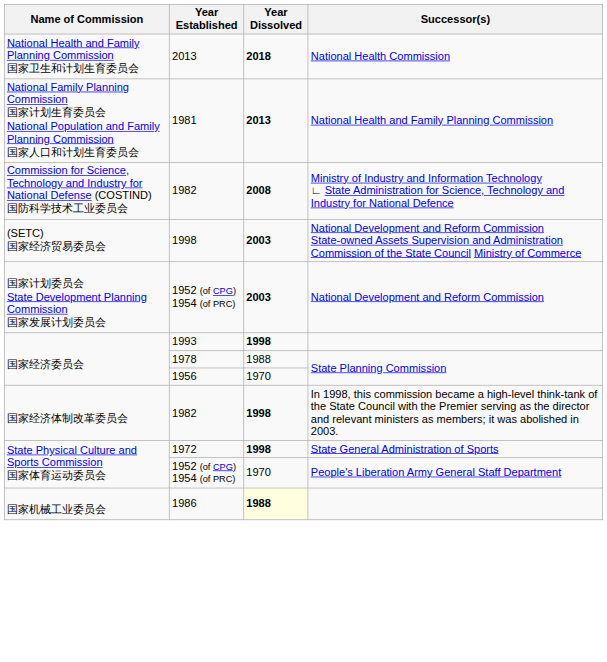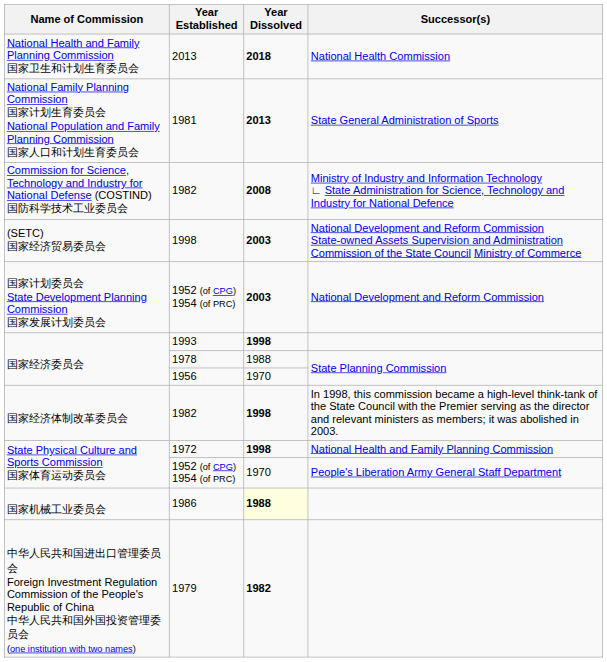 <table class="wikitable sortable">
 <tr>
 <th>Name of Commission</th>
 <th>Year Established</th>
 <th>Year Dissolved</th>
 <th>Successor(s)</th>
 </tr>
 <tr>
 <td><a href='#'>National Health and Family Planning Commission</a><br>国家卫生和计划生育委员会</td>
 <td>2013</td>
 <td><strong>2018</strong></td>
 <td><a href='#'>National Health Commission</a></td>
 </tr>
 <tr>
 <td><a href='#'>National Family Planning Commission</a><br>国家计划生育委员会<br><a href='#'>National Population and Family Planning Commission</a><br> 国家人口和计划生育委员会</td>
 <td>1981</td>
 <td><strong>2013</strong></td>
-<td><a href='#'>National Health and Family Planning Commission</a></td>
+<td><a href='#'>State General Administration of Sports</a></td>
 </tr>
 <tr>
 <td><a href='#'>Commission for Science, Technology and Industry for National Defense</a> (COSTIND)<br>国防科学技术工业委员会</td>
 <td>1982</td>
 <td><strong>2008</strong></td>
 <td><a href='#'>Ministry of Industry and Information Technology</a><br>∟ <a href='#'>State Administration for Science, Technology and Industry for National Defence</a></td>
 </tr>
 <tr>
 <td> (SETC)<br>国家经济贸易委员会</td>
 <td>1998</td>
 <td><strong>2003</strong></td>
 <td><a href='#'>National Development and Reform Commission</a><br><a href='#'>State-owned Assets Supervision and Administration Commission of the State Council</a> <a href='#'>Ministry of Commerce</a></td>
 </tr>
 <tr>
 <td><br>国家计划委员会<br><a href='#'>State Development Planning Commission</a><br> 国家发展计划委员会</td>
 <td>1952 <small>(of <a href='#'>CPG</a>)</small><br>1954 <small>(of PRC)</small></td>
 <td><strong>2003</strong></td>
 <td><a href='#'>National Development and Reform Commission</a></td>
 </tr>
 <tr>
 <td rowspan="3"><br>国家经济委员会</td>
 <td>1993</td>
 <td><strong>1998</strong></td>
 <td></td>
 </tr>
 <tr>
 <td>1978</td>
 <td>1988</td>
 <td rowspan="2"><a href='#'>State Planning Commission</a></td>
 </tr>
 <tr>
 <td>1956</td>
 <td>1970</td>
 </tr>
 <tr>
 <td><br>国家经济体制改革委员会</td>
 <td>1982</td>
 <td><strong>1998</strong></td>
 <td>In 1998, this commission became a high-level think-tank of the State Council with the Premier serving as the director and relevant ministers as members; it was abolished in 2003.</td>
 </tr>
 <tr>
 <td rowspan="2"><a href='#'>State Physical Culture and Sports Commission</a><br>国家体育运动委员会</td>
 <td>1972</td>
 <td><strong>1998</strong></td>
-<td><a href='#'>State General Administration of Sports</a></td>
+<td><a href='#'>National Health and Family Planning Commission</a></td>
 </tr>
 <tr>
 <td>1952 <small>(of <a href='#'>CPG</a>)</small><br>1954 <small>(of PRC)</small></td>
 <td>1970</td>
 <td><a href='#'>People's Liberation Army General Staff Department</a></td>
 </tr>
 <tr>
 <td><br>国家机械工业委员会</td>
 <td>1986</td>
 <td style="background: lightyellow;"><strong>1988</strong></td>
 <td></td>
 </tr>
+<tr>
+<td><br><br>中华人民共和国进出口管理委员会<br> Foreign Investment Regulation Commission of the People's Republic of China<br> 中华人民共和国外国投资管理委员会<br> <small>(<a href='#'>one institution with two names</a>)</small></td>
+<td>1979</td>
+<td><strong>1982</strong></td>
+<td></td>
+</tr>
 </table>
